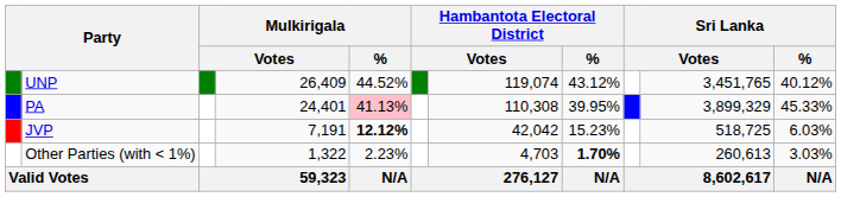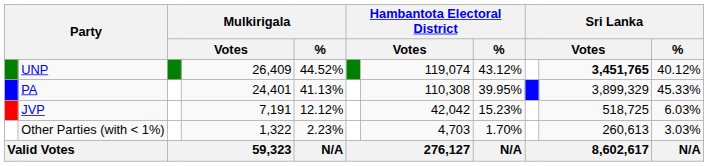 <table class="wikitable">
 <tr>
 <th colspan="2" width="144px"rowspan="2">Party</th>
 <th colspan="3" width="216px">Mulkirigala</th>
 <th colspan="3" width="216px"><a href='#'>Hambantota Electoral District</a></th>
 <th colspan="3" width="216px">Sri Lanka</th>
 </tr>
 <tr>
 <th colspan="2" width="144px">Votes</th>
 <th>%</th>
 <th colspan="2" width="144px">Votes</th>
 <th>%</th>
 <th colspan="2" width="144px">Votes</th>
 <th>%</th>
 </tr>
 <tr>
 <td style="background-color:green;" width="10px"></td>
 <td style="text-align:left;"><a href='#'>UNP</a></td>
 <td style="background-color:green;" width="10px"></td>
 <td style="text-align:right;">26,409</td>
 <td style="text-align:right;">44.52%</td>
 <td style="background-color:green;" width="10px"></td>
 <td style="text-align:right;">119,074</td>
 <td style="text-align:right;">43.12%</td>
 <td style="background-color:white;" width="10px"></td>
-<td style="text-align:right;">3,451,765</td>
+<td style="text-align:right;"><strong>3,451,765</strong></td>
 <td style="text-align:right;">40.12%</td>
 </tr>
 <tr>
 <td style="background-color:blue;" width="10px"></td>
 <td style="text-align:left;"><a href='#'>PA</a></td>
 <td style="background-color:white;" width="10px"></td>
 <td style="text-align:right;">24,401</td>
-<td style="background: pink; text-align:right;">41.13%</td>
+<td style="text-align:right;">41.13%</td>
 <td style="background-color:white;" width="10px"></td>
 <td style="text-align:right;">110,308</td>
 <td style="text-align:right;">39.95%</td>
 <td style="background-color:blue;" width="10px"></td>
 <td style="text-align:right;">3,899,329</td>
 <td style="text-align:right;">45.33%</td>
 </tr>
 <tr>
 <td style="background-color:red;" width="10px"></td>
 <td style="text-align:left;"><a href='#'>JVP</a></td>
 <td style="background-color:white;" width="10px"></td>
 <td style="text-align:right;">7,191</td>
-<td style="text-align:right;"><strong>12.12%</strong></td>
+<td style="text-align:right;">12.12%</td>
 <td style="background-color:white;" width="10px"></td>
 <td style="text-align:right;">42,042</td>
 <td style="text-align:right;">15.23%</td>
 <td style="background-color:white;" width="10px"></td>
 <td style="text-align:right;">518,725</td>
 <td style="text-align:right;">6.03%</td>
 </tr>
 <tr>
 <td style="background-color:white;" width="10px"></td>
 <td style="text-align:left;">Other Parties (with < 1%)</td>
 <td style="background-color:white;" width="10px"></td>
 <td style="text-align:right;">1,322</td>
 <td style="text-align:right;">2.23%</td>
 <td style="background-color:white;" width="10px"></td>
 <td style="text-align:right;">4,703</td>
-<td style="text-align:right;"><strong>1.70%</strong></td>
+<td style="text-align:right;">1.70%</td>
 <td style="background-color:white;" width="10px"></td>
 <td style="text-align:right;">260,613</td>
 <td style="text-align:right;">3.03%</td>
 </tr>
 <tr>
 <th colspan="2" width="144px"style="text-align:left;">Valid Votes</th>
 <th style="text-align:right;"colspan="2" width="144px">59,323</th>
 <th style="text-align:right;">N/A</th>
 <th style="text-align:right;"colspan="2" width="144px">276,127</th>
 <th style="text-align:right;">N/A</th>
 <th style="text-align:right;"colspan="2" width="144px">8,602,617</th>
 <th style="text-align:right;">N/A</th>
 </tr>
 </table>
